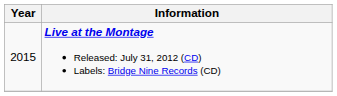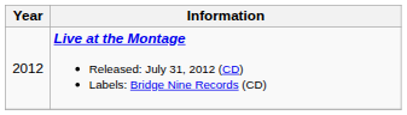 <table class="wikitable">
 <tr>
 <th rowspan="1" width="44">Year</th>
 <th rowspan="1" width="390">Information</th>
 </tr>
 <tr>
-<td align=center width="44">2015</td>
+<td align=center width="44">2012</td>
 <td width="390"><strong><em><a href='#'>Live at the Montage</a></em></strong><br><ul><li><small>Released: July 31, 2012 (<a href='#'>CD</a>)</small></li><li><small>Labels: <a href='#'>Bridge Nine Records</a> (CD)</small></li></ul></td>
 </tr>
 <tr>
 </tr>
 </table>
